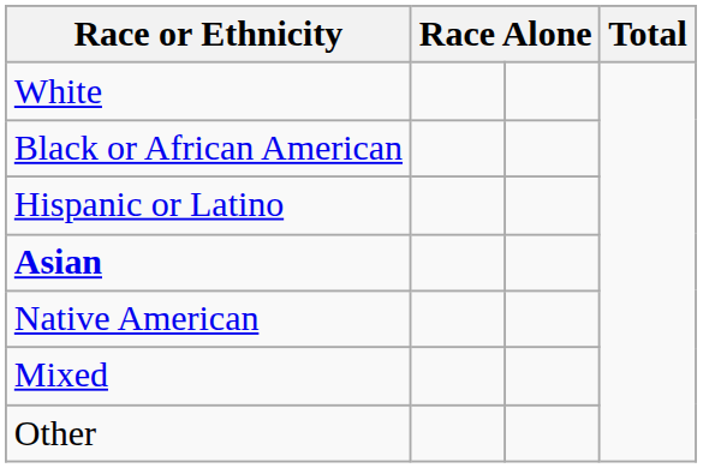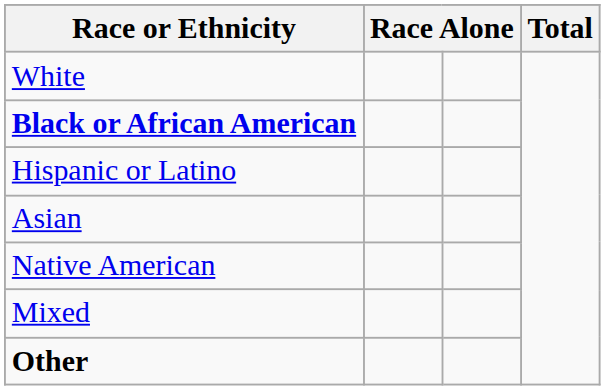 <table class="wikitable sortable collapsible"; text-align:right; font-size:80%;>
 <tr>
 <th>Race or Ethnicity<br></th>
 <th colspan="2" data-sort-type=number>Race Alone</th>
 <th colspan="2" data-sort-type=number>Total</th>
 </tr>
 <tr>
 <td><a href='#'>White</a></td>
 <td aline=right></td>
 <td aline=right></td>
 </tr>
 <tr>
-<td><a href='#'>Black or African American</a></td>
+<td><strong><a href='#'>Black or African American</a></strong></td>
 <td aline=right></td>
 <td aline=right></td>
 </tr>
 <tr>
 <td><a href='#'>Hispanic or Latino</a></td>
 <td aline=right></td>
 <td aline=right></td>
 </tr>
 <tr>
-<td><strong><a href='#'>Asian</a></strong></td>
+<td><a href='#'>Asian</a></td>
 <td aline=right></td>
 <td aline=right></td>
 </tr>
 <tr>
 <td><a href='#'>Native American</a></td>
 <td aline=right></td>
 <td aline=right></td>
 </tr>
 <tr>
 <td><a href='#'>Mixed</a></td>
 <td aline=right></td>
 <td aline=right></td>
 </tr>
 <tr>
-<td>Other</td>
+<td><strong>Other</strong></td>
 <td aline=right></td>
 <td aline=right></td>
 </tr>
 </table>
